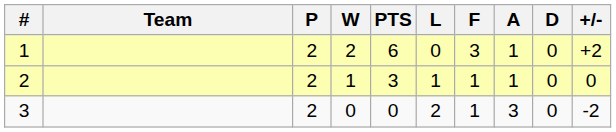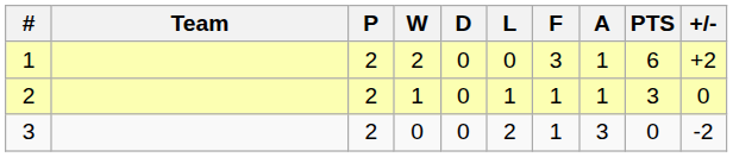 <table class="wikitable" border="1">
 <tr>
 <th width="25">#</th>
 <th width="200">Team</th>
 <th width="25">P</th>
 <th width="25">W</th>
-<th width="25">PTS</th>
+<th width="25">D</th>
 <th width="25">L</th>
 <th width="25">F</th>
 <th width="25">A</th>
-<th width="25">D</th>
+<th width="25">PTS</th>
 <th width="25">+/-</th>
 </tr>
 <tr bgcolor="FCFFB2">
 <td align="center">1</td>
 <td></td>
 <td align="center">2</td>
 <td align="center">2</td>
-<td align="center">6</td>
+<td align="center">0</td>
 <td align="center">0</td>
 <td align="center">3</td>
 <td align="center">1</td>
-<td align="center">0</td>
+<td align="center">6</td>
 <td align="center">+2</td>
 </tr>
 <tr bgcolor="FCFFB2">
 <td align="center">2</td>
 <td></td>
 <td align="center">2</td>
 <td align="center">1</td>
-<td align="center">3</td>
+<td align="center">0</td>
 <td align="center">1</td>
 <td align="center">1</td>
 <td align="center">1</td>
-<td align="center">0</td>
+<td align="center">3</td>
 <td align="center">0</td>
 </tr>
 <tr>
 <td align="center">3</td>
 <td></td>
 <td align="center">2</td>
 <td align="center">0</td>
 <td align="center">0</td>
 <td align="center">2</td>
 <td align="center">1</td>
 <td align="center">3</td>
 <td align="center">0</td>
 <td align="center">-2</td>
 </tr>
 </table>
